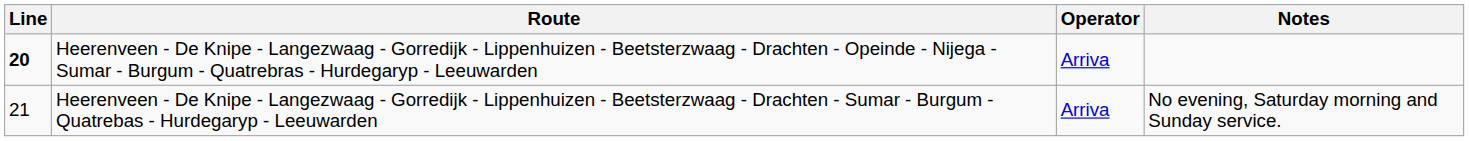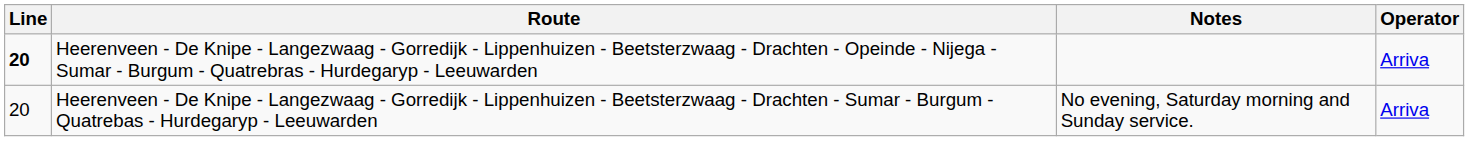 <table class="wikitable">
 <tr>
 <th>Line</th>
 <th>Route</th>
+<th>Notes</th>
 <th>Operator</th>
-<th>Notes</th>
 </tr>
 <tr>
 <td><strong>20</strong></td>
 <td>Heerenveen - De Knipe - Langezwaag - Gorredijk - Lippenhuizen - Beetsterzwaag - Drachten - Opeinde - Nijega - Sumar - Burgum - Quatrebras - Hurdegaryp - Leeuwarden</td>
+<td></td>
 <td><a href='#'>Arriva</a></td>
-<td></td>
 </tr>
 <tr>
-<td>21</td>
+<td>20</td>
 <td>Heerenveen - De Knipe - Langezwaag - Gorredijk - Lippenhuizen - Beetsterzwaag - Drachten - Sumar - Burgum - Quatrebas - Hurdegaryp - Leeuwarden</td>
+<td>No evening, Saturday morning and Sunday service.</td>
 <td><a href='#'>Arriva</a></td>
-<td>No evening, Saturday morning and Sunday service.</td>
 </tr>
 </table>
